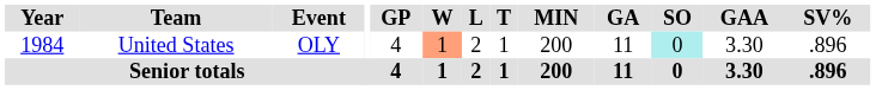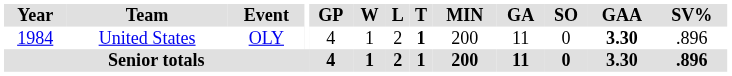 <table border="0" cellpadding="1" cellspacing="0" ID="Table3" style="text-align:center; width:40em">
 <tr ALIGN="center" bgcolor="#e0e0e0">
 <th>Year</th>
 <th>Team</th>
 <th>Event</th>
 <th rowspan="99" bgcolor="#ffffff"></th>
 <th>GP</th>
 <th>W</th>
 <th>L</th>
 <th>T</th>
 <th>MIN</th>
 <th>GA</th>
 <th>SO</th>
 <th>GAA</th>
 <th>SV%</th>
 </tr>
 <tr>
 <td><a href='#'>1984</a></td>
 <td><a href='#'>United States</a></td>
 <td><a href='#'>OLY</a></td>
 <td>4</td>
-<td style="background: lightsalmon;">1</td>
+<td>1</td>
 <td>2</td>
-<td>1</td>
+<td><strong>1</strong></td>
 <td>200</td>
 <td>11</td>
-<td style="background: paleturquoise;">0</td>
-<td>3.30</td>
+<td>0</td>
+<td><strong>3.30</strong></td>
 <td>.896</td>
 </tr>
 <tr bgcolor="#e0e0e0">
 <th colspan=4>Senior totals</th>
 <th>4</th>
 <th>1</th>
 <th>2</th>
 <th>1</th>
 <th>200</th>
 <th>11</th>
 <th>0</th>
 <th>3.30</th>
 <th>.896</th>
 </tr>
 </table>
